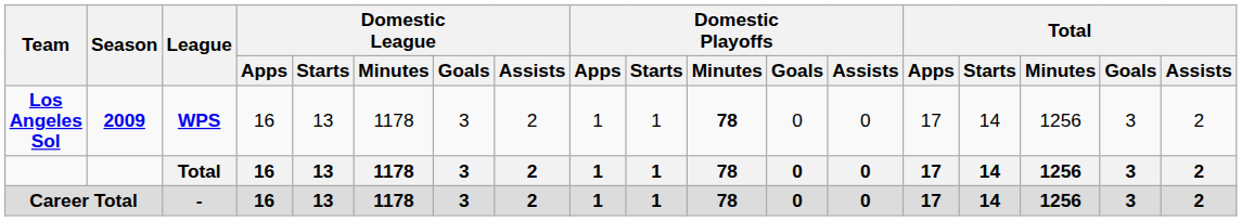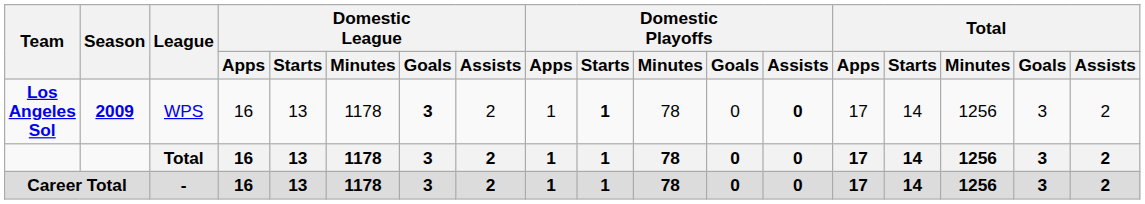 <table class="wikitable" style=font-size:90% text-align: center width=75%>
 <tr>
 <th rowspan=2 width=10%>Team</th>
 <th rowspan=2 width=7%>Season</th>
 <th rowspan=2 width=7%>League</th>
 <th colspan=5 width=20%>Domestic<br>League</th>
 <th colspan=5 width=20%>Domestic<br>Playoffs</th>
 <th colspan=5 width=10%>Total</th>
 </tr>
 <tr>
 <th align=center>Apps</th>
 <th align=center>Starts</th>
 <th align=center>Minutes</th>
 <th align=center>Goals</th>
 <th align=center>Assists</th>
 <th align=center>Apps</th>
 <th align=center>Starts</th>
 <th align=center>Minutes</th>
 <th align=center>Goals</th>
 <th align=center>Assists</th>
 <th align=center>Apps</th>
 <th align=center>Starts</th>
 <th align=center>Minutes</th>
 <th align=center>Goals</th>
 <th align=center>Assists</th>
 </tr>
 <tr>
 <td rowspan=1 align=center><strong><a href='#'>Los Angeles Sol</a></strong></td>
 <td align=center><strong><a href='#'>2009</a></strong></td>
-<td align=center><strong><a href='#'>WPS</a></strong></td>
+<td align=center><a href='#'>WPS</a></td>
 <td align=center>16</td>
 <td align=center>13</td>
 <td align=center>1178</td>
-<td align=center>3</td>
+<td align=center><strong>3</strong></td>
 <td align=center>2</td>
 <td align=center>1</td>
-<td align=center>1</td>
-<td align=center><strong>78</strong></td>
+<td align=center><strong>1</strong></td>
+<td align=center>78</td>
 <td align=center>0</td>
-<td align=center>0</td>
+<td align=center><strong>0</strong></td>
 <td align=center>17</td>
 <td align=center>14</td>
 <td align=center>1256</td>
 <td align=center>3</td>
 <td align=center>2</td>
 </tr>
 <tr>
 <td></td>
 <td></td>
 <th>Total</th>
 <th>16</th>
 <th>13</th>
 <th>1178</th>
 <th>3</th>
 <th>2</th>
 <th>1</th>
 <th>1</th>
 <th>78</th>
 <th>0</th>
 <th>0</th>
 <th>17</th>
 <th>14</th>
 <th>1256</th>
 <th>3</th>
 <th>2</th>
 </tr>
 <tr>
 <th style="background: #DCDCDC" colspan="2">Career Total</th>
 <th style="background: #DCDCDC" align=center>-</th>
 <th style="background: #DCDCDC" align=center>16</th>
 <th style="background: #DCDCDC" align=center>13</th>
 <th style="background: #DCDCDC" align=center>1178</th>
 <th style="background: #DCDCDC" align=center>3</th>
 <th style="background: #DCDCDC" align=center>2</th>
 <th style="background: #DCDCDC" align=center>1</th>
 <th style="background: #DCDCDC" align=center>1</th>
 <th style="background: #DCDCDC" align=center>78</th>
 <th style="background: #DCDCDC" align=center>0</th>
 <th style="background: #DCDCDC" align=center>0</th>
 <th style="background: #DCDCDC" align=center>17</th>
 <th style="background: #DCDCDC" align=center>14</th>
 <th style="background: #DCDCDC" align=center>1256</th>
 <th style="background: #DCDCDC" align=center>3</th>
 <th style="background: #DCDCDC" align=center>2</th>
 </tr>
 </table>
